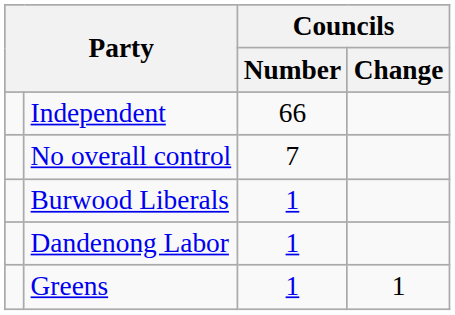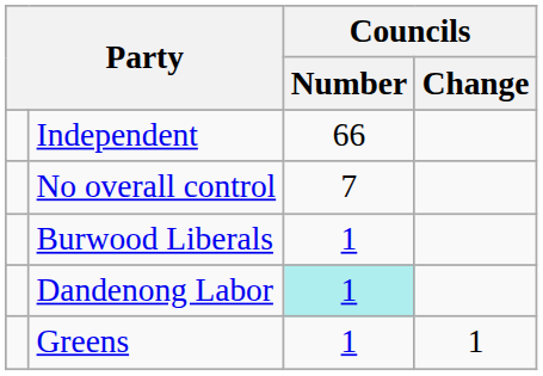 <table id="tblbyparty" class="wikitable" style="text-align:right; font-size:100%;">
 <tr>
 <th colspan="2" rowspan="2">Party</th>
 <th colspan="2">Councils</th>
 </tr>
 <tr>
 <th scope="col">Number</th>
 <th scope="col">Change</th>
 </tr>
 <tr>
 <td> </td>
 <td style="text-align:left;"><a href='#'>Independent</a></td>
 <td style="text-align:center;">66</td>
 <td></td>
 </tr>
 <tr>
 <td> </td>
 <td style="text-align:left;"><a href='#'>No overall control</a></td>
 <td style="text-align:center;">7</td>
 <td></td>
 </tr>
 <tr>
 <td> </td>
 <td style="text-align:left;"><a href='#'>Burwood Liberals</a></td>
 <td style="text-align:center;"><a href='#'>1</a></td>
 <td></td>
 </tr>
 <tr>
 <td> </td>
 <td style="text-align:left;"><a href='#'>Dandenong Labor</a></td>
-<td style="text-align:center;"><a href='#'>1</a></td>
+<td style="background: paleturquoise; text-align:center;"><a href='#'>1</a></td>
 <td></td>
 </tr>
 <tr>
 <td> </td>
 <td style="text-align:left;"><a href='#'>Greens</a></td>
 <td style="text-align:center;"><a href='#'>1</a></td>
 <td style="text-align:center;"> 1</td>
 </tr>
 </table>
